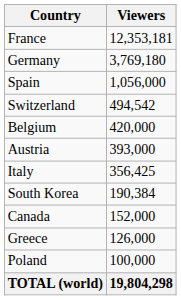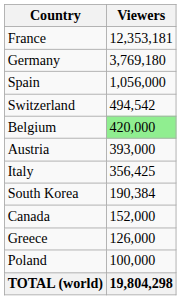 <table class="wikitable sortable">
 <tr>
 <th>Country</th>
 <th>Viewers</th>
 </tr>
 <tr>
 <td>France</td>
 <td>12,353,181</td>
 </tr>
 <tr>
 <td>Germany</td>
 <td>3,769,180</td>
 </tr>
 <tr>
 <td>Spain</td>
 <td>1,056,000</td>
 </tr>
 <tr>
 <td>Switzerland</td>
 <td>494,542</td>
 </tr>
 <tr>
 <td>Belgium</td>
-<td>420,000</td>
+<td style="background: lightgreen;">420,000</td>
 </tr>
 <tr>
 <td>Austria</td>
 <td>393,000</td>
 </tr>
 <tr>
 <td>Italy</td>
 <td>356,425</td>
 </tr>
 <tr>
 <td>South Korea</td>
 <td>190,384</td>
 </tr>
 <tr>
 <td>Canada</td>
 <td>152,000</td>
 </tr>
 <tr>
 <td>Greece</td>
 <td>126,000</td>
 </tr>
 <tr>
 <td>Poland</td>
 <td>100,000</td>
 </tr>
 <tr>
 <th>TOTAL (world)</th>
 <th>19,804,298</th>
 </tr>
 </table>
